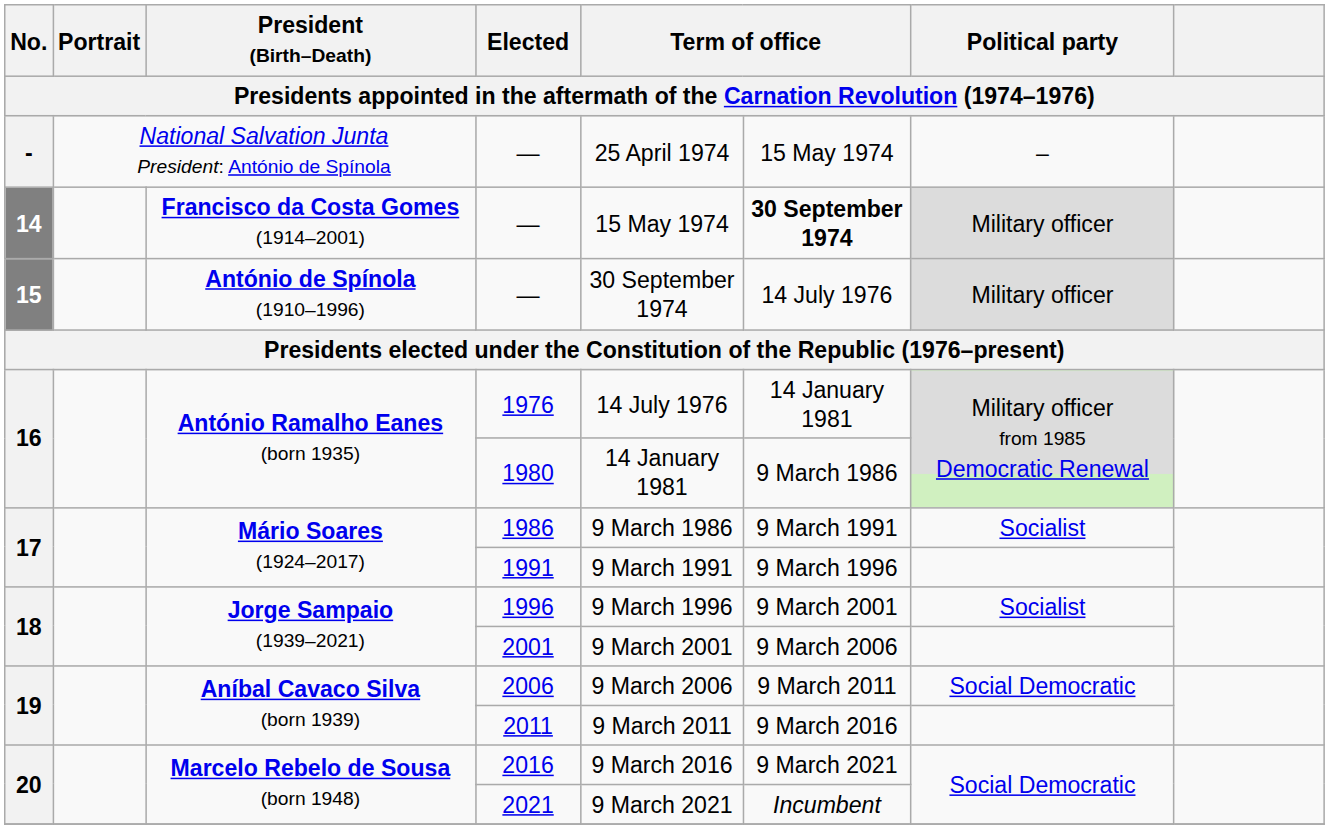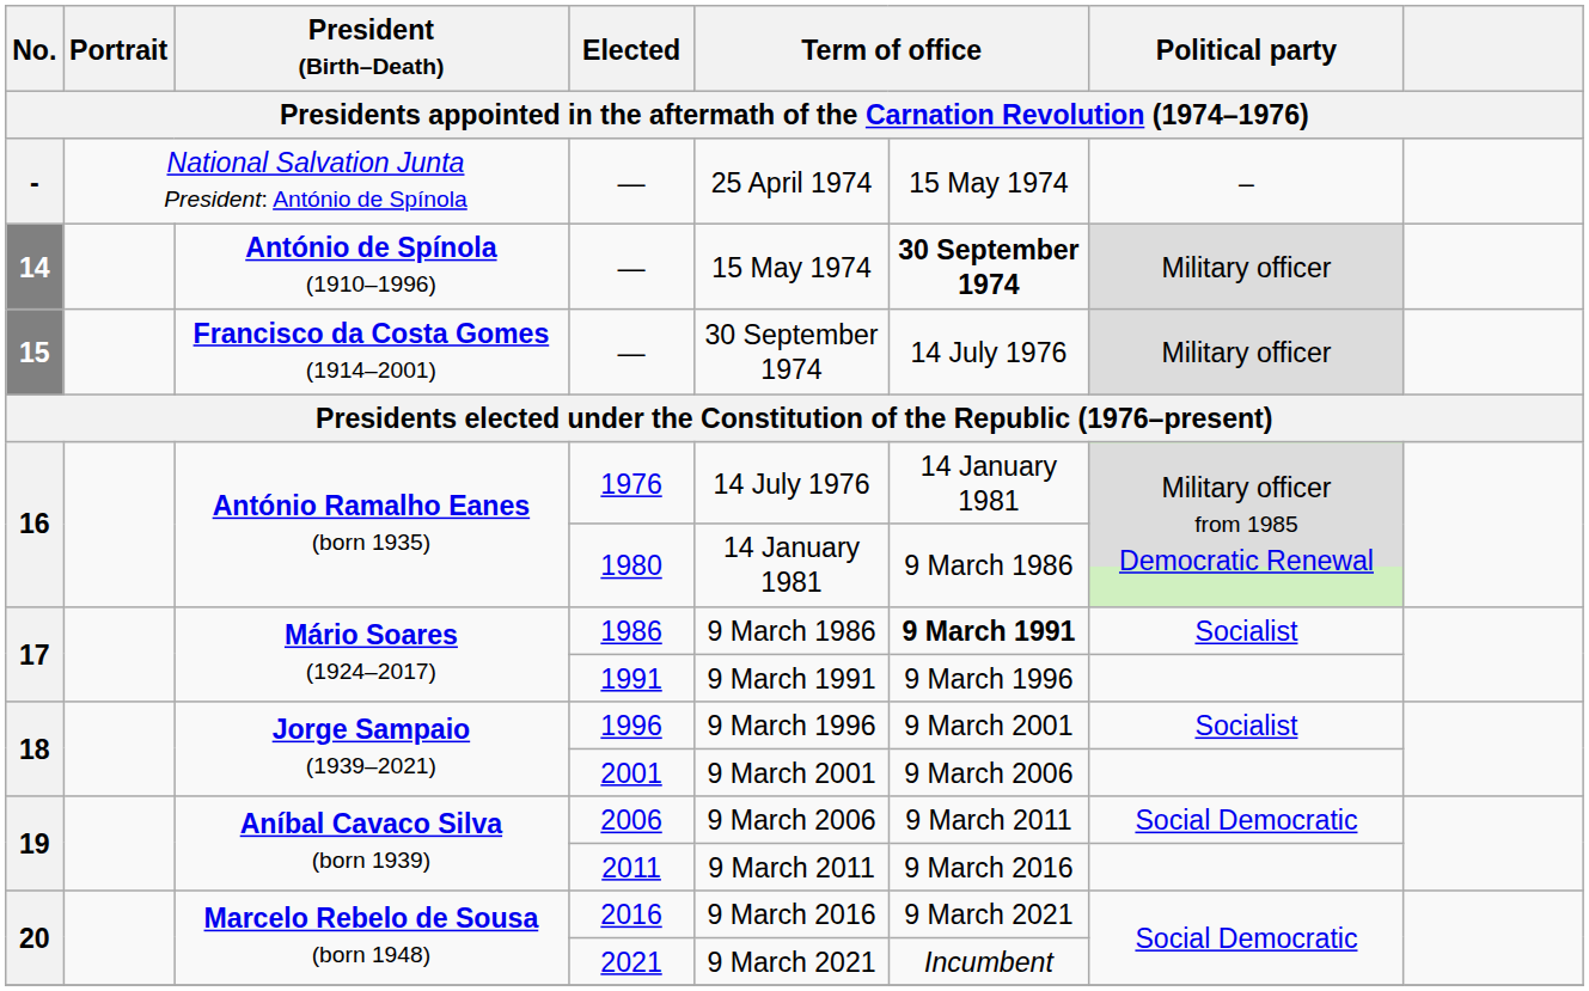 <table class="wikitable" style="text-align:center; font-size:95%; width=100%; line-height:19px;">
 <tr>
 <th width=1%>No.</th>
 <th width="5%">Portrait</th>
 <th width="25%">President<br><small>(Birth–Death)</small></th>
 <th width=8%>Elected</th>
 <th colspan="2" width=25%>Term of office</th>
 <th width=20%>Political party</th>
 <th></th>
 </tr>
 <tr style="background:#cccccc">
 <th colspan="8">Presidents appointed in the aftermath of the <a href='#'>Carnation Revolution</a> (1974–1976)</th>
 </tr>
 <tr>
 <th>-</th>
 <td colspan="2"><em><a href='#'>National Salvation Junta</a></em><br><small><em>President</em>: <a href='#'>António de Spínola</a></small></td>
 <td>—</td>
 <td>25 April 1974</td>
 <td>15 May 1974</td>
 <td>–</td>
 <td></td>
 </tr>
 <tr>
 <th style="background:gray; color:white;">14</th>
 <td></td>
-<td><strong><a href='#'>Francisco da Costa Gomes</a></strong><br><small>(1914–2001)</small></td>
+<td><strong><a href='#'>António de Spínola</a></strong><br><small>(1910–1996)</small></td>
 <td>—</td>
 <td>15 May 1974</td>
 <td><strong>30 September 1974</strong></td>
 <td bgcolor=#DCDCDC>Military officer</td>
 <td></td>
 </tr>
 <tr>
 <th style="background:gray; color:white;">15</th>
 <td></td>
-<td><strong><a href='#'>António de Spínola</a></strong><br><small>(1910–1996)</small></td>
+<td><strong><a href='#'>Francisco da Costa Gomes</a></strong><br><small>(1914–2001)</small></td>
 <td>—</td>
 <td>30 September 1974</td>
 <td>14 July 1976</td>
 <td bgcolor=#DCDCDC>Military officer</td>
 <td></td>
 </tr>
 <tr style="background:#cccccc">
 <th colspan=8>Presidents elected under the Constitution of the Republic (1976–present)</th>
 </tr>
 <tr>
 <th rowspan="2" style="background: linear-gradient(gray 75%, ">16</th>
 <td rowspan="2"></td>
 <td rowspan="2"><strong><a href='#'>António Ramalho Eanes</a></strong><br><small>(born 1935)</small></td>
 <td><a href='#'>1976</a></td>
 <td>14 July 1976</td>
 <td>14 January 1981</td>
 <td rowspan="2" style="background: linear-gradient(#DCDCDC 75%, #D0F0C0 25%); color:black;">Military officer<br><small>from 1985</small><br><a href='#'>Democratic Renewal</a></td>
 <td rowspan="2"></td>
 </tr>
 <tr>
 <td><a href='#'>1980</a></td>
 <td>14 January 1981</td>
 <td>9 March 1986</td>
 </tr>
 <tr>
 <th rowspan=2 style="background:">17</th>
 <td rowspan="2"></td>
 <td rowspan="2"><strong><a href='#'>Mário Soares</a></strong><br><small>(1924–2017)</small></td>
 <td><a href='#'>1986</a></td>
 <td>9 March 1986</td>
-<td>9 March 1991</td>
+<td><strong>9 March 1991</strong></td>
 <td><a href='#'>Socialist</a></td>
 <td rowspan="2"></td>
 </tr>
 <tr>
 <td><a href='#'>1991</a></td>
 <td>9 March 1991</td>
 <td>9 March 1996</td>
 </tr>
 <tr>
 <th rowspan=2 style="background:">18</th>
 <td rowspan="2"></td>
 <td rowspan="2"><strong><a href='#'>Jorge Sampaio</a></strong><br><small>(1939–2021)</small></td>
 <td><a href='#'>1996</a></td>
 <td>9 March 1996</td>
 <td>9 March 2001</td>
 <td><a href='#'>Socialist</a></td>
 <td rowspan="2"></td>
 </tr>
 <tr>
 <td><a href='#'>2001</a></td>
 <td>9 March 2001</td>
 <td>9 March 2006</td>
 </tr>
 <tr>
 <th rowspan=2 style="background:">19</th>
 <td rowspan="2"></td>
 <td rowspan="2"><strong><a href='#'>Aníbal Cavaco Silva</a></strong><br><small>(born 1939)</small></td>
 <td><a href='#'>2006</a></td>
 <td>9 March 2006</td>
 <td>9 March 2011</td>
 <td><a href='#'>Social Democratic</a></td>
 <td rowspan="2"></td>
 </tr>
 <tr>
 <td><a href='#'>2011</a></td>
 <td>9 March 2011</td>
 <td>9 March 2016</td>
 </tr>
 <tr>
 <th rowspan=2 style="background:">20</th>
 <td rowspan="2"></td>
 <td rowspan="2"><strong><a href='#'>Marcelo Rebelo de Sousa</a></strong><br><small>(born 1948)</small></td>
 <td><a href='#'>2016</a></td>
 <td>9 March 2016</td>
 <td>9 March 2021</td>
 <td rowspan="2" ><a href='#'>Social Democratic</a></td>
 <td rowspan="2"></td>
 </tr>
 <tr>
 <td><a href='#'>2021</a></td>
 <td>9 March 2021</td>
 <td><em>Incumbent</em></td>
 </tr>
 <tr>
 </tr>
 </table>
